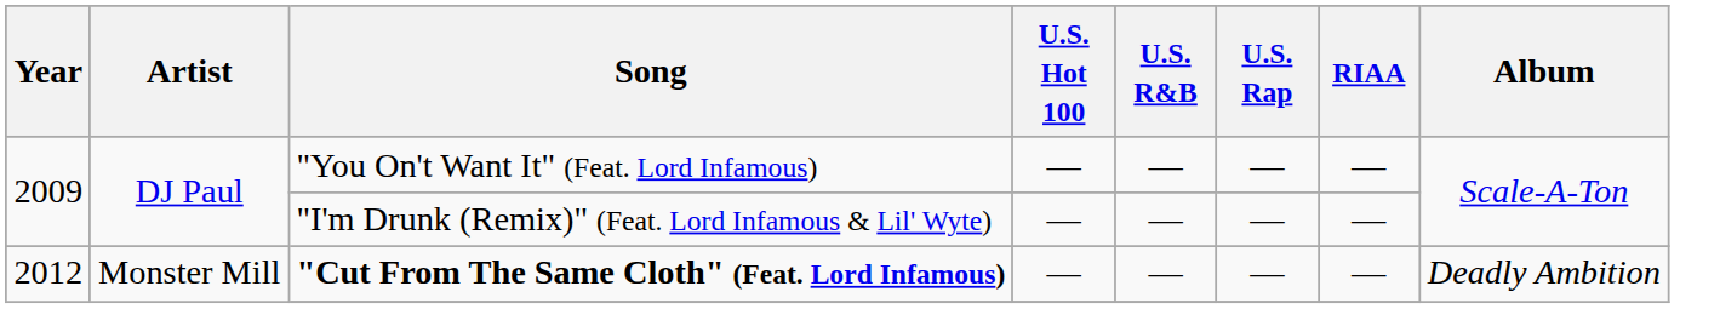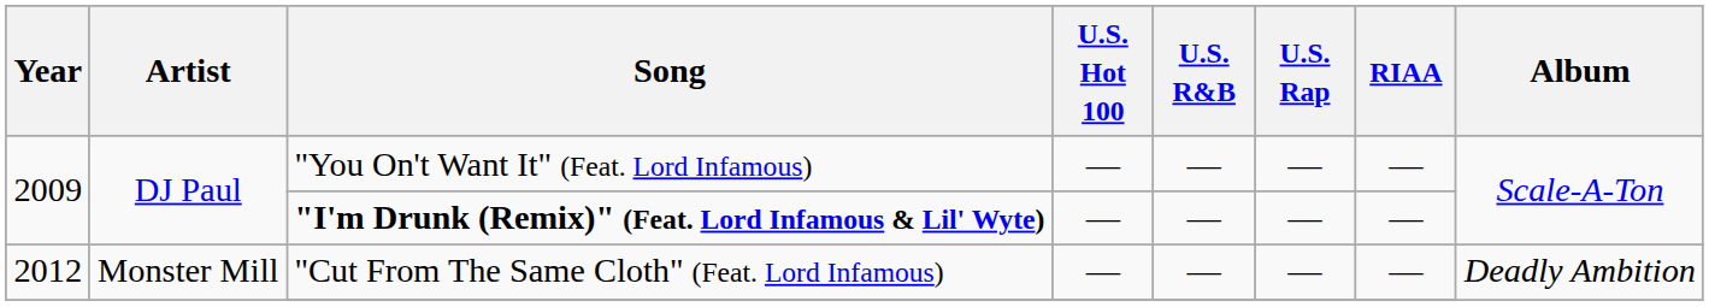 <table class="wikitable">
 <tr>
 <th align="center">Year</th>
 <th align="center">Artist</th>
 <th align="center">Song</th>
 <th align="center" width="40"><small><a href='#'>U.S. Hot 100</a></small></th>
 <th align="center" width="40"><small><a href='#'>U.S. R&B</a></small></th>
 <th align="center" width="40"><small><a href='#'>U.S. Rap</a></small></th>
 <th align="center" width="40"><small><a href='#'>RIAA</a></small></th>
 <th align="center">Album</th>
 </tr>
 <tr>
 <td align="center" rowspan="2">2009</td>
 <td align="center" rowspan="2"><a href='#'>DJ Paul</a></td>
 <td align="left">"You On't Want It" <small>(Feat. <a href='#'>Lord Infamous</a>)</small></td>
 <td align="center">—</td>
 <td align="center">—</td>
 <td align="center">—</td>
 <td align="center">—</td>
 <td align="center" rowspan="2"><em><a href='#'>Scale-A-Ton</a></em></td>
 </tr>
 <tr>
-<td align="left">"I'm Drunk (Remix)"  <small>(Feat. <a href='#'>Lord Infamous</a> & <a href='#'>Lil' Wyte</a>)</small></td>
+<td align="left"><strong>"I'm Drunk (Remix)"  <small>(Feat. <a href='#'>Lord Infamous</a> & <a href='#'>Lil' Wyte</a>)</small></strong></td>
 <td align="center">—</td>
 <td align="center">—</td>
 <td align="center">—</td>
 <td align="center">—</td>
 </tr>
 <tr>
 <td align="center" rowspan="2">2012</td>
 <td align="center" rowspan="2">Monster Mill</td>
-<td align="left"><strong>"Cut From The Same Cloth" <small>(Feat. <a href='#'>Lord Infamous</a>)</small></strong></td>
+<td align="left">"Cut From The Same Cloth" <small>(Feat. <a href='#'>Lord Infamous</a>)</small></td>
 <td align="center">—</td>
 <td align="center">—</td>
 <td align="center">—</td>
 <td align="center">—</td>
 <td align="center" rowspan="2"><em>Deadly Ambition</em></td>
 </tr>
 <tr>
 </tr>
 </table>
